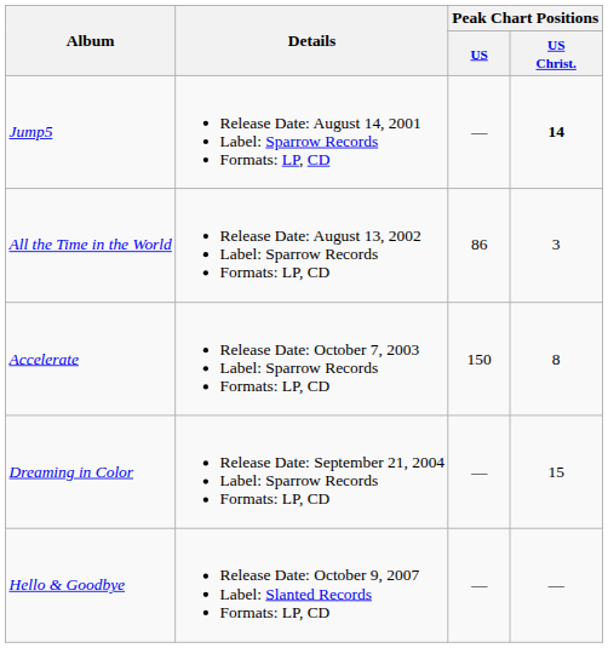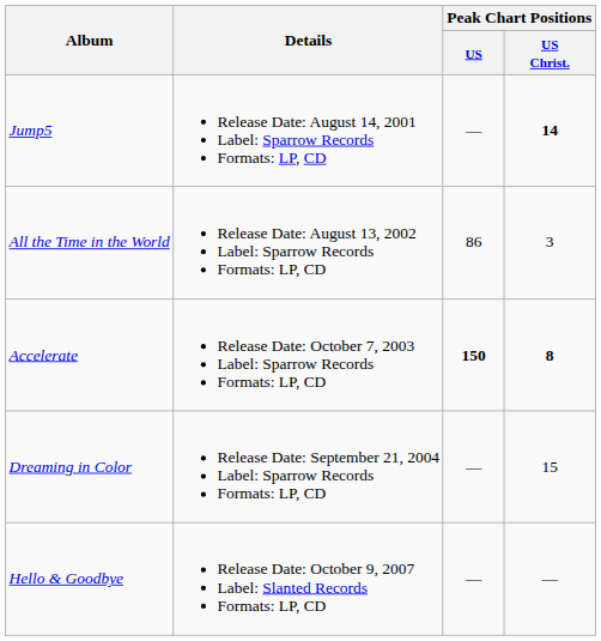 <table class="wikitable">
 <tr>
 <th rowspan="2">Album</th>
 <th rowspan="2">Details</th>
 <th colspan="2">Peak Chart Positions</th>
 </tr>
 <tr>
 <th colspan="1" scope="col"><small><a href='#'>US</a><br></small></th>
 <th colspan="1" scope="col"><a href='#'><small>US</small></a><br><a href='#'><small>Christ.</small></a> <br> </th>
 </tr>
 <tr>
 <td><em><a href='#'>Jump5</a></em></td>
 <td><br><ul><li>Release Date: August 14, 2001</li><li>Label: <a href='#'>Sparrow Records</a></li><li>Formats: <a href='#'>LP</a>, <a href='#'>CD</a></li></ul></td>
 <td style="text-align:center;">—</td>
 <td style="text-align:center;"><strong>14</strong></td>
 </tr>
 <tr>
 <td><em><a href='#'>All the Time in the World</a></em></td>
 <td><br><ul><li>Release Date: August 13, 2002</li><li>Label: Sparrow Records</li><li>Formats: LP, CD</li></ul></td>
 <td style="text-align:center;">86</td>
 <td style="text-align:center;">3</td>
 </tr>
 <tr>
 <td><em><a href='#'>Accelerate</a></em></td>
 <td><br><ul><li>Release Date: October 7, 2003</li><li>Label: Sparrow Records</li><li>Formats: LP, CD</li></ul></td>
-<td style="text-align:center;">150</td>
-<td style="text-align:center;">8</td>
+<td style="text-align:center;"><strong>150</strong></td>
+<td style="text-align:center;"><strong>8</strong></td>
 </tr>
 <tr>
 <td><em><a href='#'>Dreaming in Color</a></em></td>
 <td><br><ul><li>Release Date: September 21, 2004</li><li>Label: Sparrow Records</li><li>Formats: LP, CD</li></ul></td>
 <td style="text-align:center;">—</td>
 <td style="text-align:center;">15</td>
 </tr>
 <tr>
 <td><em><a href='#'>Hello & Goodbye</a></em></td>
 <td><br><ul><li>Release Date: October 9, 2007</li><li>Label: <a href='#'>Slanted Records</a></li><li>Formats: LP, CD</li></ul></td>
 <td style="text-align:center;">—</td>
 <td style="text-align:center;">—</td>
 </tr>
 </table>
